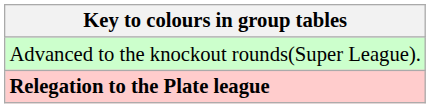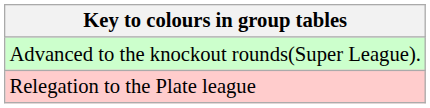 <table class="wikitable">
 <tr>
 <th>Key to colours in group tables</th>
 </tr>
 <tr bgcolor="#ccffcc">
 <td>Advanced to the knockout rounds(Super League).</td>
 </tr>
 <tr bgcolor="#FFCCCC">
-<td><strong>Relegation to the Plate league</strong></td>
+<td>Relegation to the Plate league</td>
 </tr>
 </table>
